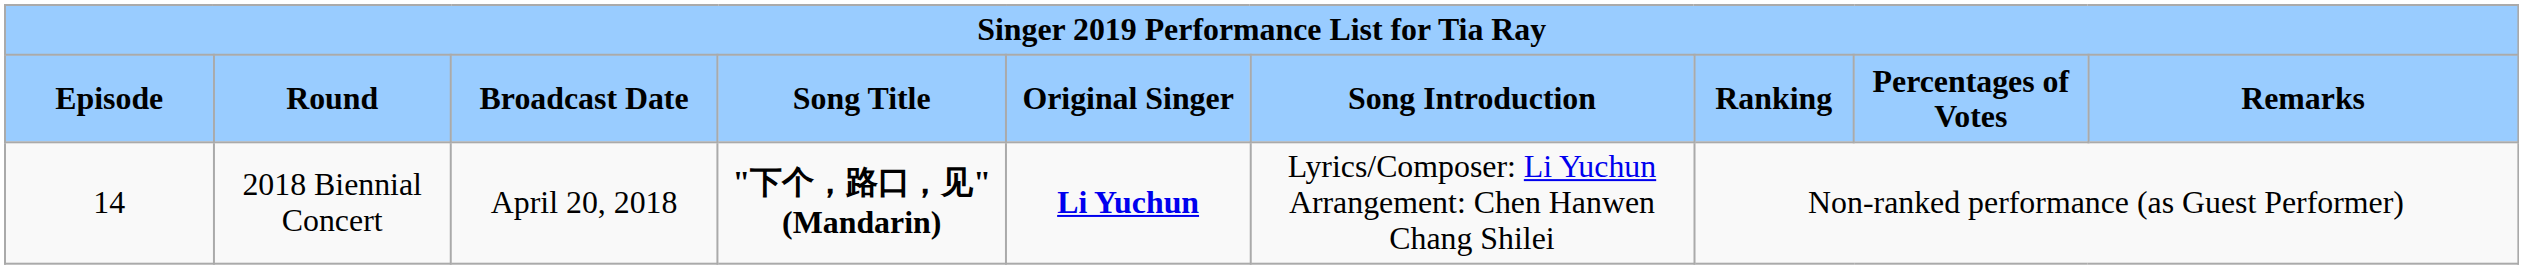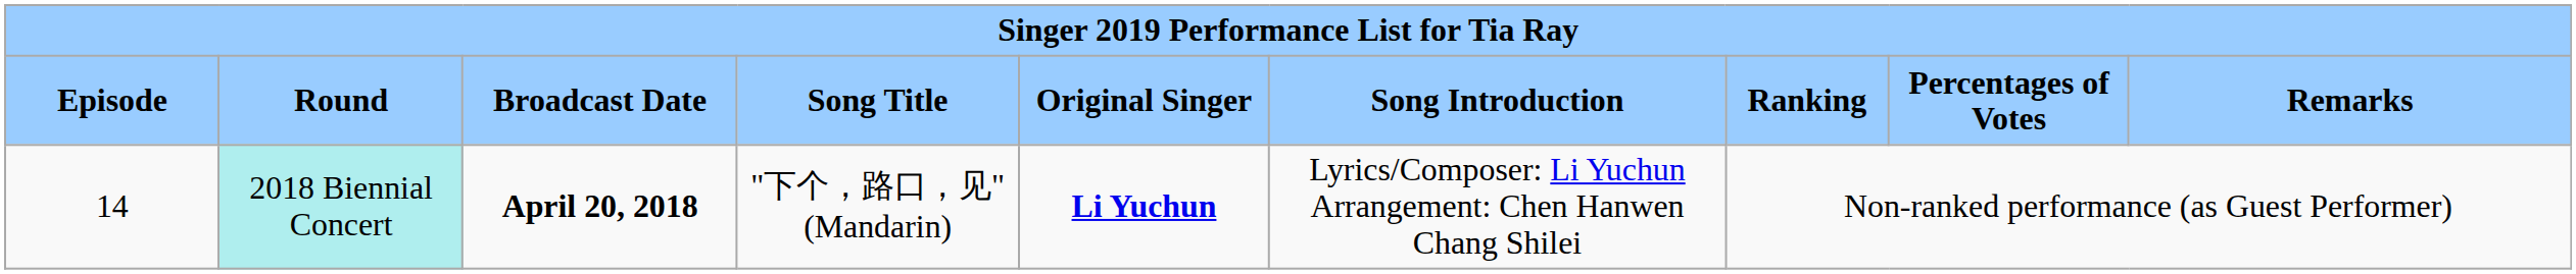 <table class="wikitable sortable mw-collapsible" width="100%" style="text-align:center">
 <tr align="center" style="background:#99CCFF">
 <td colspan="9"><div><strong>Singer 2019 Performance List for Tia Ray</strong></div></td>
 </tr>
 <tr align="center" style="background:#99CCFF">
 <td style="width:3%"><strong>Episode</strong></td>
 <td style="width:4%"><strong>Round</strong></td>
 <td style="width:4%"><strong>Broadcast Date</strong></td>
 <td style="width:4%"><strong>Song Title</strong></td>
 <td style="width:4%"><strong>Original Singer</strong></td>
 <td style="width:7%"><strong>Song Introduction</strong></td>
 <td style="width:1%"><strong>Ranking</strong></td>
 <td style="width:2%"><strong>Percentages of Votes</strong></td>
 <td style="width:8%"><strong>Remarks</strong></td>
 </tr>
 <tr>
 <td>14</td>
-<td>2018 Biennial Concert</td>
-<td>April 20, 2018</td>
-<td><strong>"下个，路口，见"<br>(Mandarin)</strong></td>
+<td style="background: paleturquoise;">2018 Biennial Concert</td>
+<td><strong>April 20, 2018</strong></td>
+<td>"下个，路口，见"<br>(Mandarin)</td>
 <td><strong><a href='#'>Li Yuchun</a></strong></td>
 <td>Lyrics/Composer: <a href='#'>Li Yuchun</a><br>Arrangement: Chen Hanwen<br>Chang Shilei</td>
 <td colspan=3>Non-ranked performance (as Guest Performer)</td>
 </tr>
 </table>
